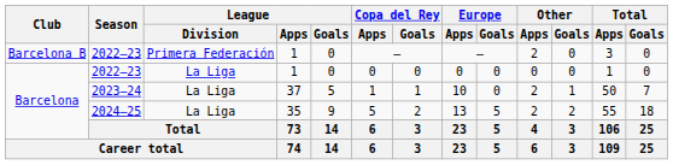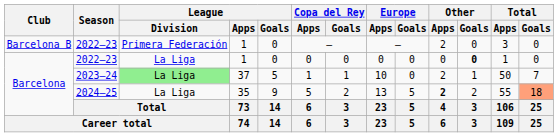 <table class="wikitable" style="text-align: center">
 <tr>
 <th rowspan="2">Club</th>
 <th rowspan="2">Season</th>
 <th colspan="3">League</th>
 <th colspan="2"><a href='#'>Copa del Rey</a></th>
 <th colspan="2"><a href='#'>Europe</a></th>
 <th colspan="2">Other</th>
 <th colspan="2">Total</th>
 </tr>
 <tr>
 <th>Division</th>
 <th>Apps</th>
 <th>Goals</th>
 <th>Apps</th>
 <th>Goals</th>
 <th>Apps</th>
 <th>Goals</th>
 <th>Apps</th>
 <th>Goals</th>
 <th>Apps</th>
 <th>Goals</th>
 </tr>
 <tr>
 <td><a href='#'>Barcelona B</a></td>
 <td><a href='#'>2022–23</a></td>
 <td><a href='#'>Primera Federación</a></td>
 <td>1</td>
 <td>0</td>
 <td colspan="2">—</td>
 <td colspan="2">—</td>
 <td>2</td>
 <td>0</td>
 <td>3</td>
 <td>0</td>
 </tr>
 <tr>
 <td rowspan="4"><a href='#'>Barcelona</a></td>
 <td><a href='#'>2022–23</a></td>
 <td><a href='#'>La Liga</a></td>
 <td>1</td>
 <td>0</td>
 <td>0</td>
 <td>0</td>
 <td>0</td>
 <td>0</td>
 <td>0</td>
-<td>0</td>
+<td><strong>0</strong></td>
 <td>1</td>
 <td>0</td>
 </tr>
 <tr>
 <td><a href='#'>2023–24</a></td>
-<td>La Liga</td>
+<td style="background: lightgreen;">La Liga</td>
 <td>37</td>
 <td>5</td>
 <td>1</td>
 <td>1</td>
 <td>10</td>
 <td>0</td>
 <td>2</td>
 <td>1</td>
 <td>50</td>
 <td>7</td>
 </tr>
 <tr>
 <td><a href='#'>2024–25</a></td>
 <td>La Liga</td>
 <td>35</td>
 <td>9</td>
 <td>5</td>
 <td>2</td>
 <td>13</td>
 <td>5</td>
-<td>2</td>
+<td><strong>2</strong></td>
 <td>2</td>
 <td>55</td>
-<td>18</td>
+<td style="background: lightsalmon;">18</td>
 </tr>
 <tr>
 <th colspan="2">Total</th>
 <th>73</th>
 <th>14</th>
 <th>6</th>
 <th>3</th>
 <th>23</th>
 <th>5</th>
 <th>4</th>
 <th>3</th>
 <th>106</th>
 <th>25</th>
 </tr>
 <tr>
 <th colspan="3">Career total</th>
 <th>74</th>
 <th>14</th>
 <th>6</th>
 <th>3</th>
 <th>23</th>
 <th>5</th>
 <th>6</th>
 <th>3</th>
 <th>109</th>
 <th>25</th>
 </tr>
 </table>
